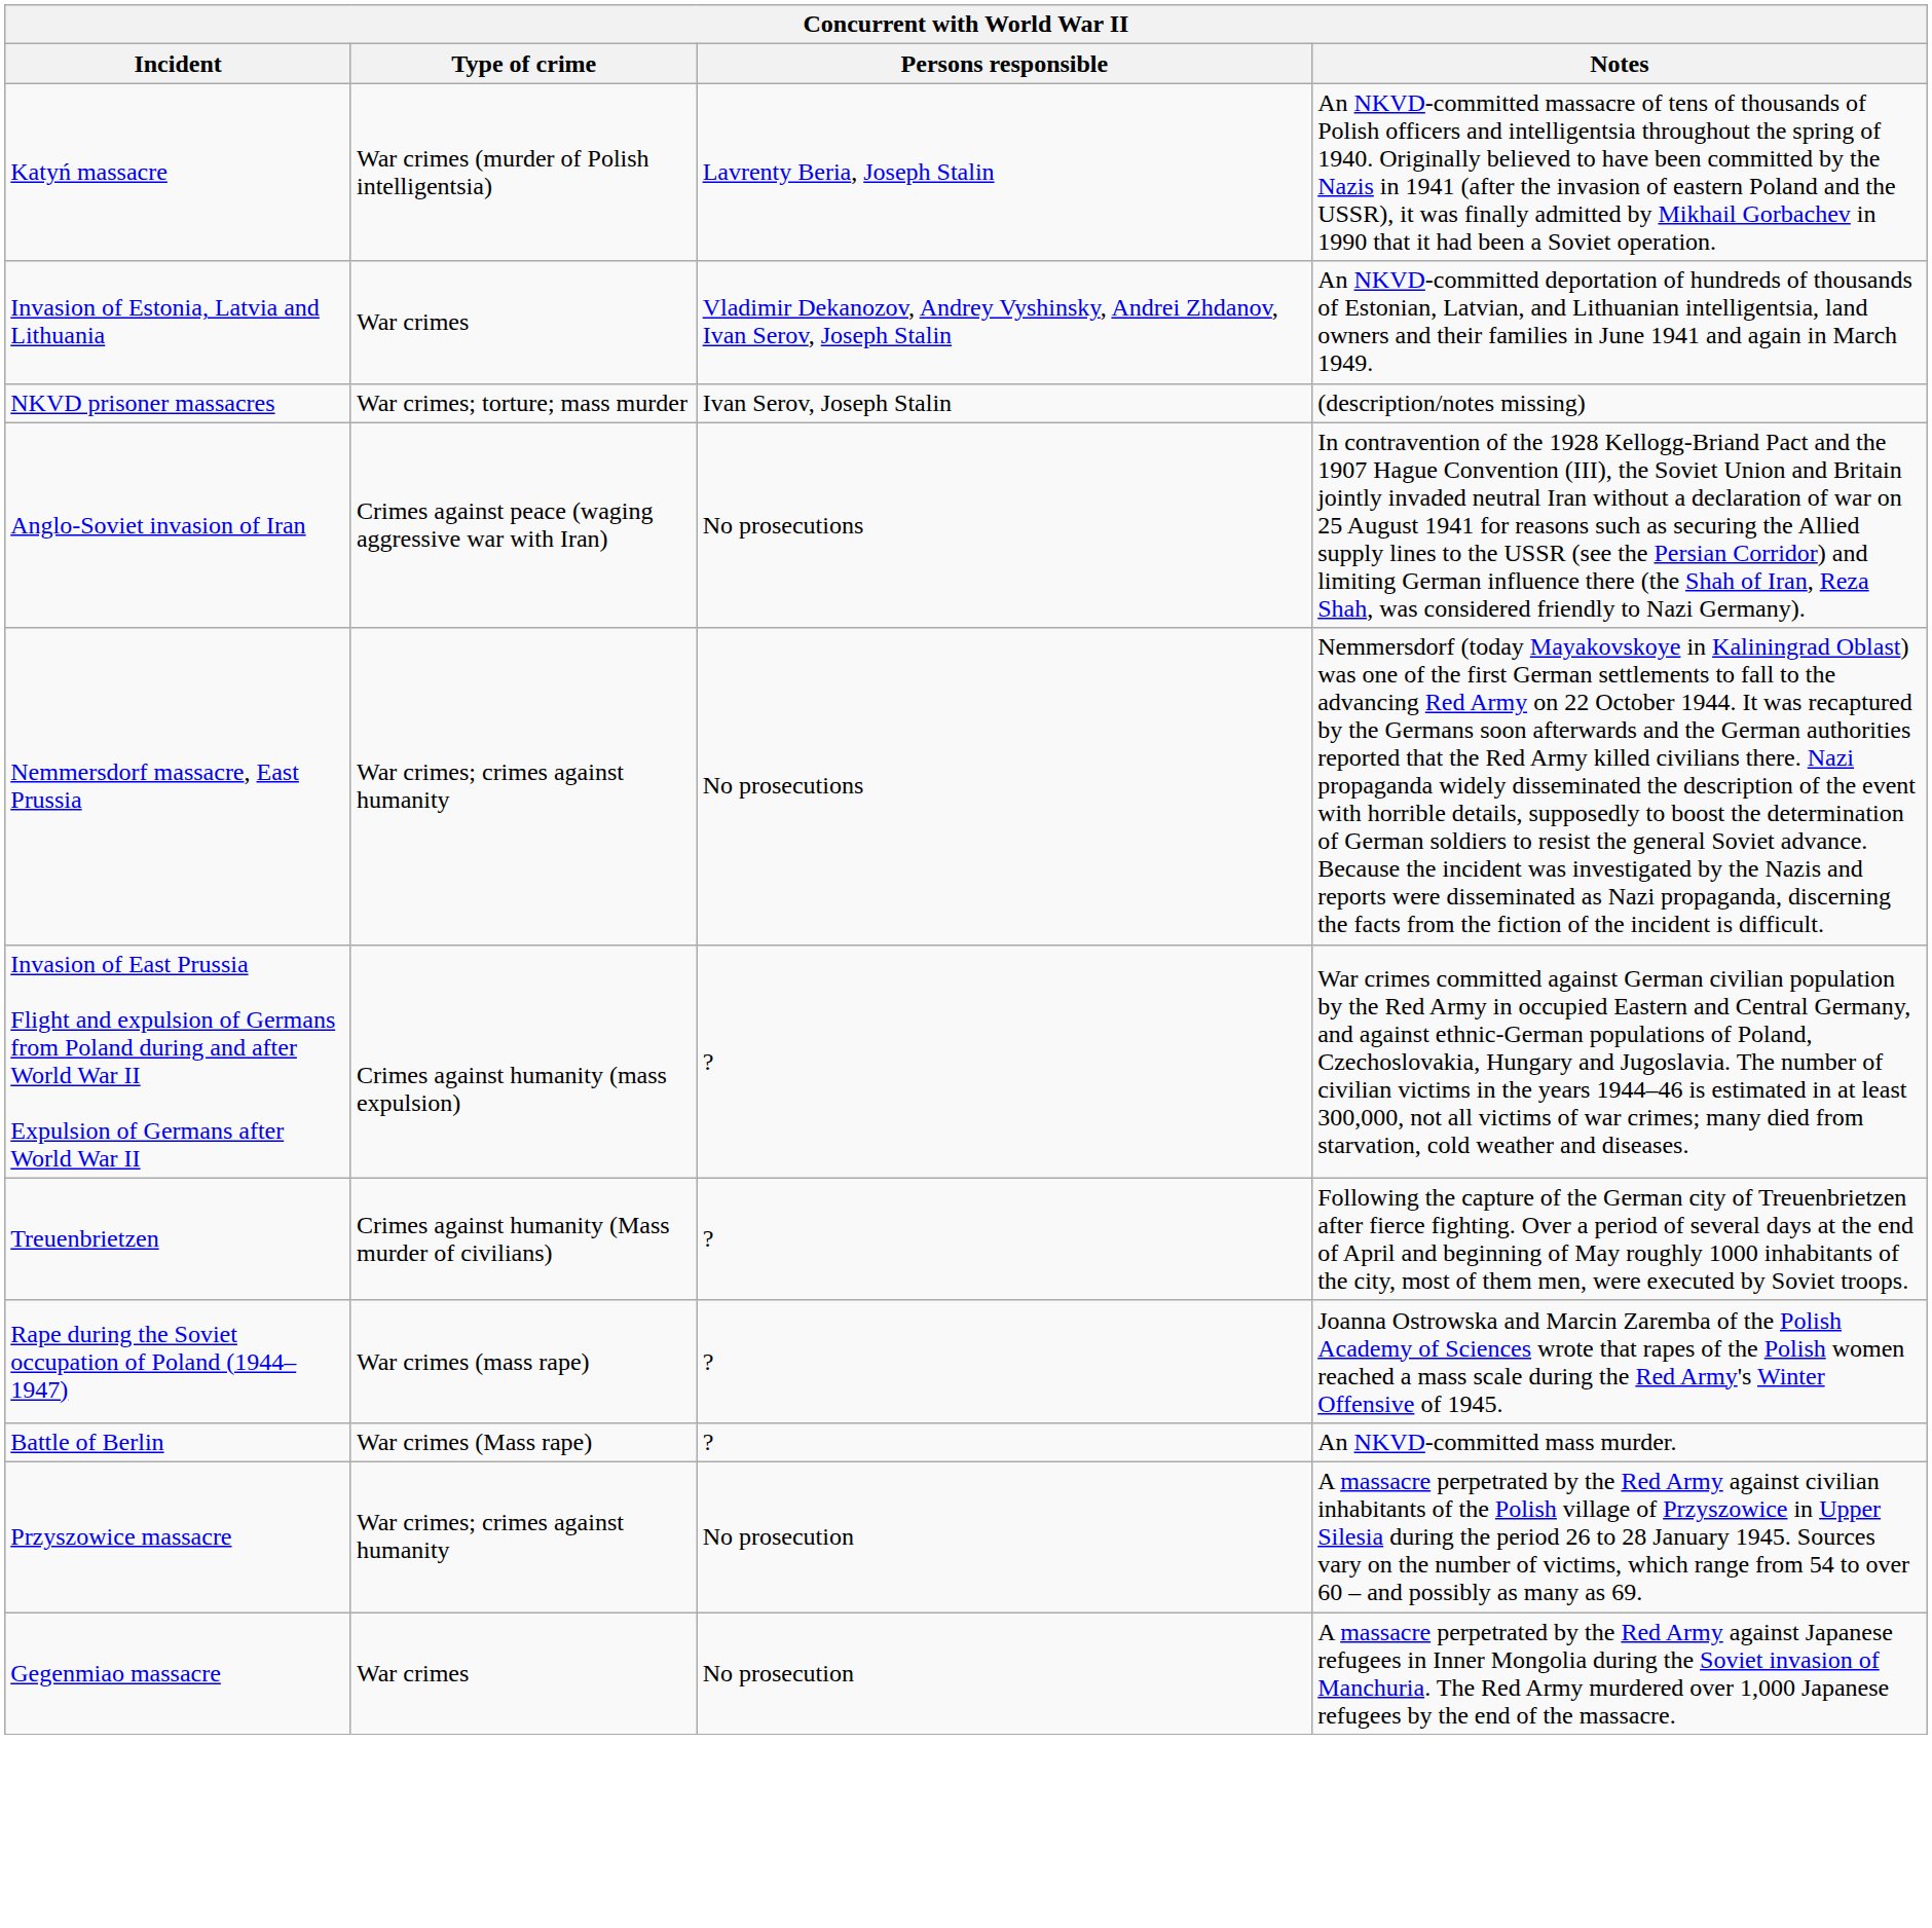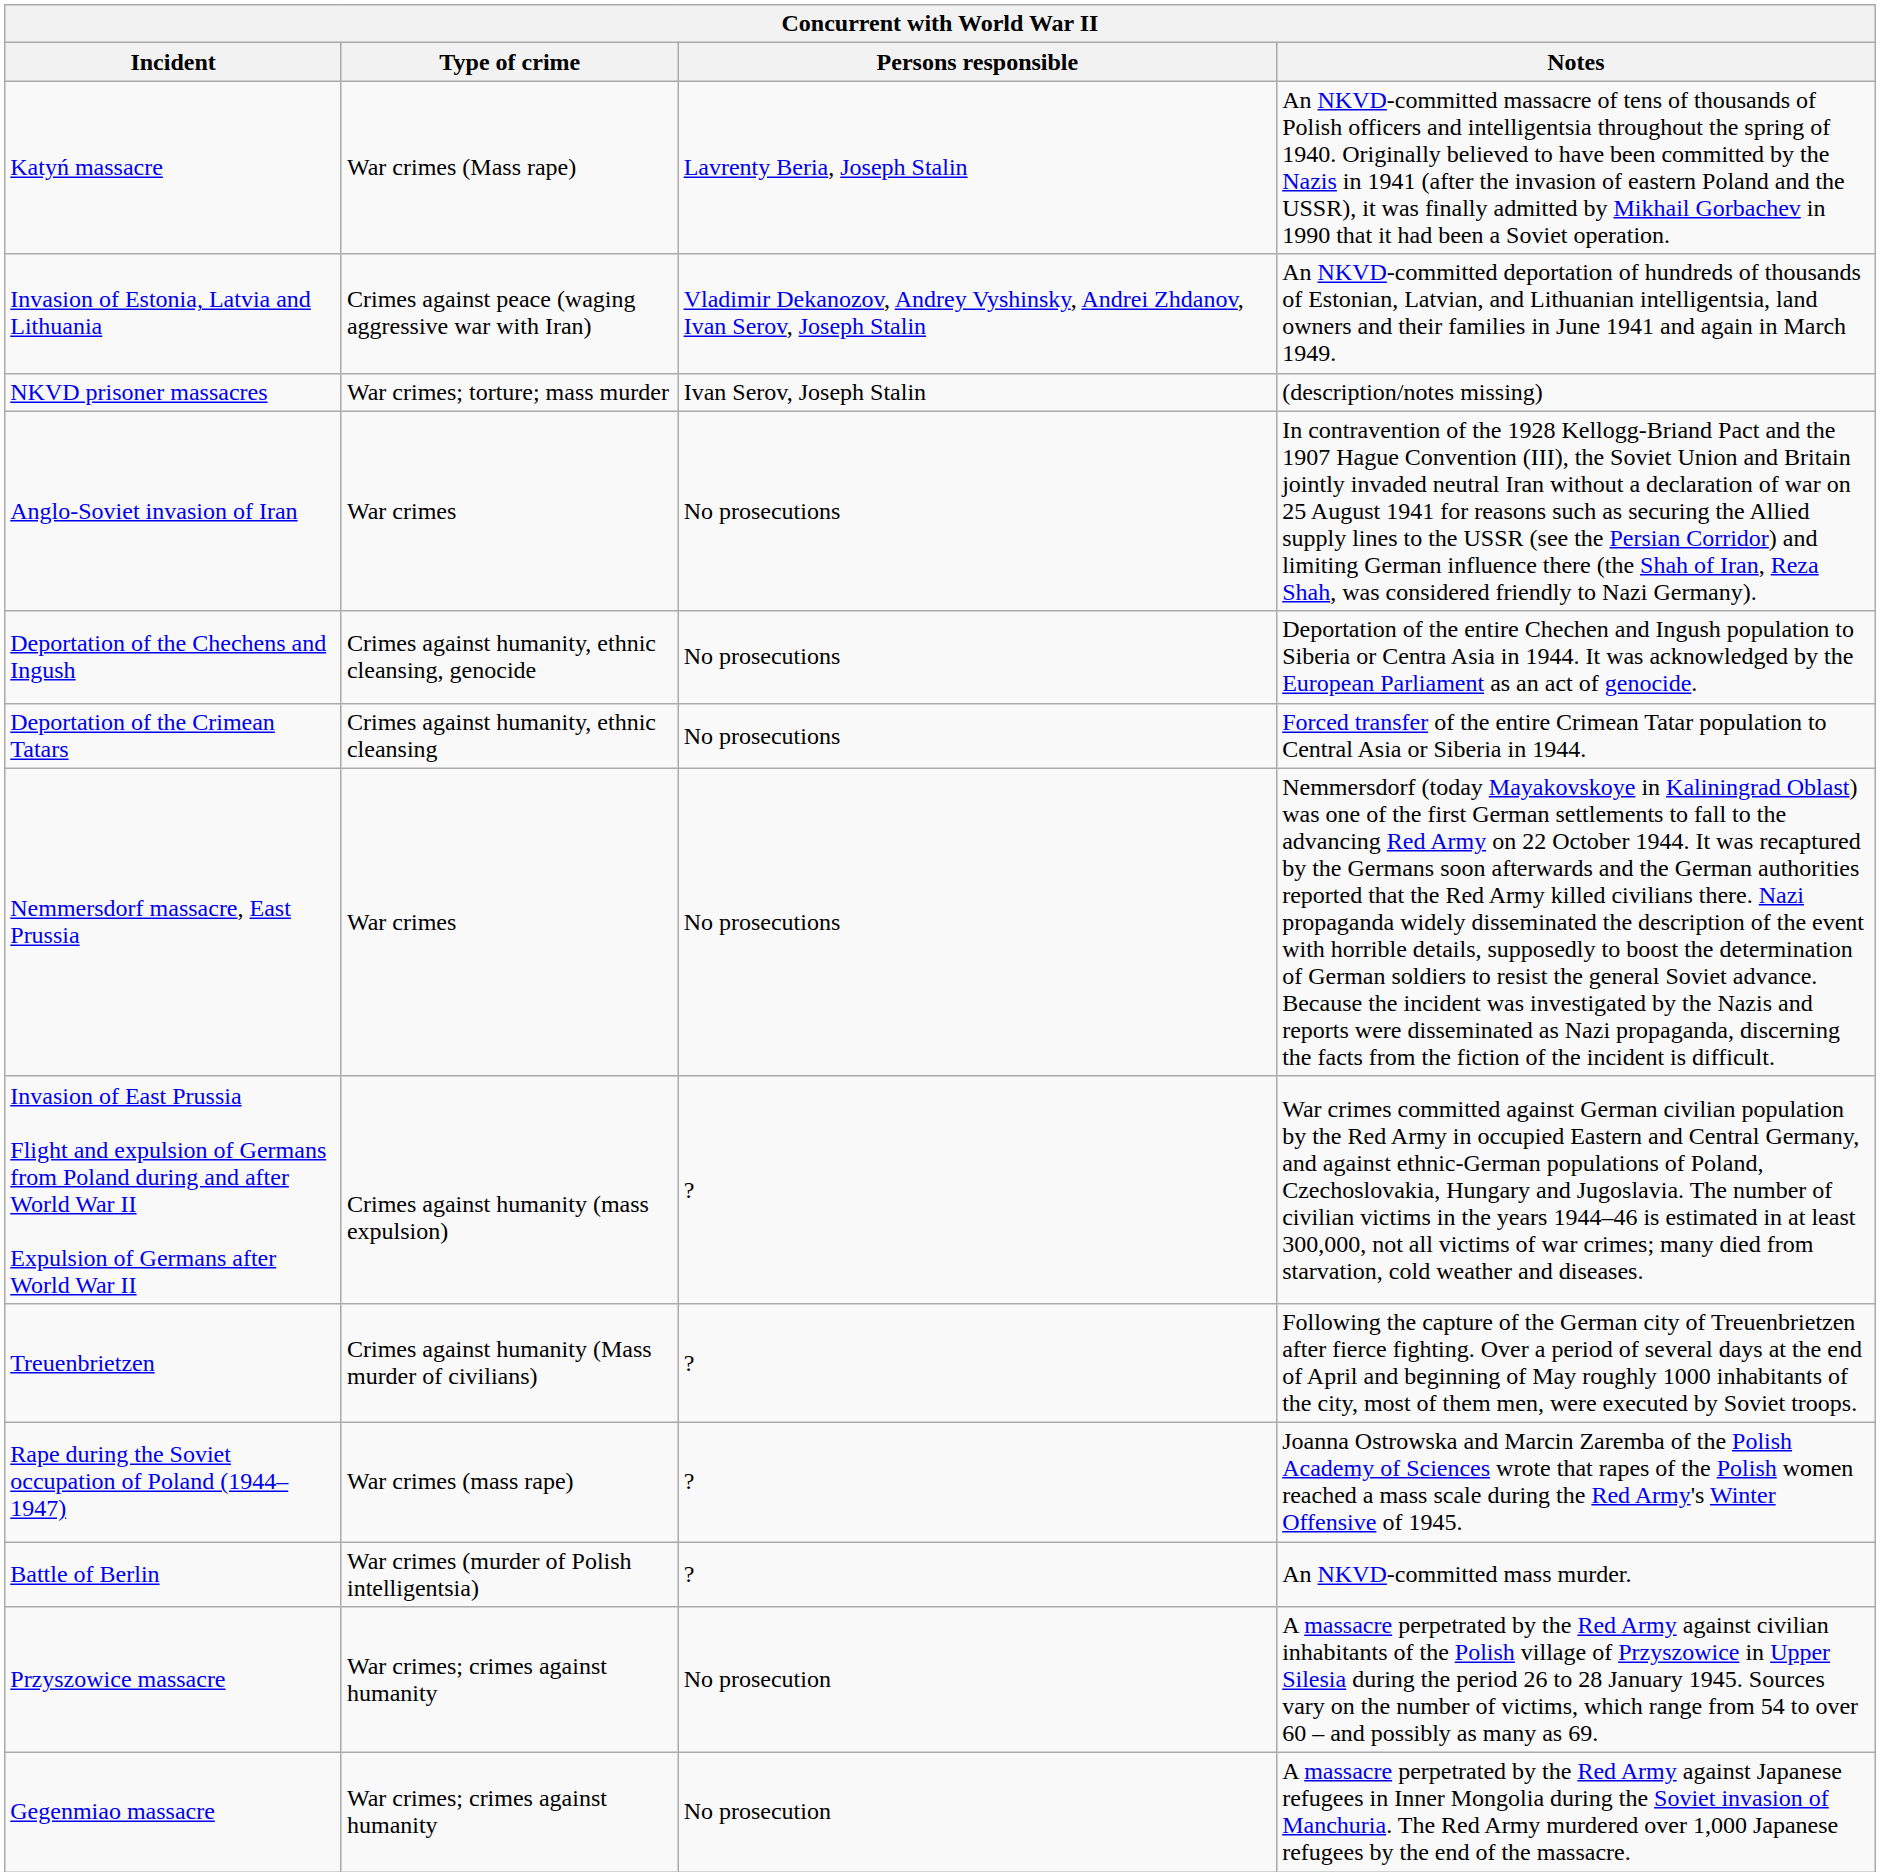 <table class="wikitable">
 <tr>
 <th colspan="4">Concurrent with World War II</th>
 </tr>
 <tr>
 <th>Incident</th>
 <th>Type of crime</th>
 <th>Persons responsible</th>
 <th>Notes</th>
 </tr>
 <tr>
 <td style="width:18%;"><a href='#'>Katyń massacre</a></td>
-<td style="width:18%;">War crimes (murder of Polish intelligentsia)</td>
+<td>War crimes (Mass rape)</td>
 <td style="width:32%;"><a href='#'>Lavrenty Beria</a>, <a href='#'>Joseph Stalin</a></td>
 <td style="width:32%;">An <a href='#'>NKVD</a>-committed massacre of tens of thousands of Polish officers and intelligentsia throughout the spring of 1940. Originally believed to have been committed by the <a href='#'>Nazis</a> in 1941 (after the invasion of eastern Poland and the USSR), it was finally admitted by <a href='#'>Mikhail Gorbachev</a> in 1990 that it had been a Soviet operation.</td>
 </tr>
 <tr>
 <td><a href='#'>Invasion of Estonia, Latvia and Lithuania</a></td>
-<td>War crimes</td>
+<td>Crimes against peace (waging aggressive war with Iran)</td>
 <td><a href='#'>Vladimir Dekanozov</a>, <a href='#'>Andrey Vyshinsky</a>, <a href='#'>Andrei Zhdanov</a>, <a href='#'>Ivan Serov</a>, <a href='#'>Joseph Stalin</a></td>
 <td>An <a href='#'>NKVD</a>-committed deportation of hundreds of thousands of Estonian, Latvian, and Lithuanian intelligentsia, land owners and their families in June 1941 and again in March 1949.</td>
 </tr>
 <tr>
 <td><a href='#'>NKVD prisoner massacres</a></td>
 <td>War crimes; torture; mass murder</td>
 <td>Ivan Serov, Joseph Stalin</td>
 <td>(description/notes missing)</td>
 </tr>
 <tr>
 <td><a href='#'>Anglo-Soviet invasion of Iran</a></td>
-<td>Crimes against peace (waging aggressive war with Iran)</td>
+<td>War crimes</td>
 <td>No prosecutions</td>
 <td>In contravention of the 1928 Kellogg-Briand Pact and the 1907 Hague Convention (III), the Soviet Union and Britain jointly invaded neutral Iran without a declaration of war on 25 August 1941 for reasons such as securing the Allied supply lines to the USSR (see the <a href='#'>Persian Corridor</a>) and limiting German influence there (the <a href='#'>Shah of Iran</a>, <a href='#'>Reza Shah</a>, was considered friendly to Nazi Germany).</td>
 </tr>
 <tr>
+<td><a href='#'>Deportation of the Chechens and Ingush</a></td>
+<td>Crimes against humanity, ethnic cleansing, genocide</td>
+<td>No prosecutions</td>
+<td>Deportation of the entire Chechen and Ingush population to Siberia or Centra Asia in 1944. It was acknowledged by the <a href='#'>European Parliament</a> as an act of <a href='#'>genocide</a>.</td>
+</tr>
+<tr>
+<td><a href='#'>Deportation of the Crimean Tatars</a></td>
+<td>Crimes against humanity, ethnic cleansing</td>
+<td>No prosecutions</td>
+<td><a href='#'>Forced transfer</a> of the entire Crimean Tatar population to Central Asia or Siberia in 1944.</td>
+</tr>
+<tr>
 <td><a href='#'>Nemmersdorf massacre</a>, <a href='#'>East Prussia</a></td>
-<td>War crimes; crimes against humanity</td>
+<td>War crimes</td>
 <td>No prosecutions</td>
 <td>Nemmersdorf (today <a href='#'>Mayakovskoye</a> in <a href='#'>Kaliningrad Oblast</a>) was one of the first German settlements to fall to the advancing <a href='#'>Red Army</a> on 22 October 1944. It was recaptured by the Germans soon afterwards and the German authorities reported that the Red Army killed civilians there. <a href='#'>Nazi</a> propaganda widely disseminated the description of the event with horrible details, supposedly to boost the determination of German soldiers to resist the general Soviet advance. Because the incident was investigated by the Nazis and reports were disseminated as Nazi propaganda, discerning the facts from the fiction of the incident is difficult.</td>
 </tr>
 <tr>
 <td><a href='#'>Invasion of East Prussia</a><br><br><a href='#'>Flight and expulsion of Germans from Poland during and after World War II</a><br><br><a href='#'>Expulsion of Germans after World War II</a></td>
 <td><br><br>Crimes against humanity (mass expulsion)</td>
 <td>?</td>
 <td>War crimes committed against German civilian population by the Red Army in occupied Eastern and Central Germany, and against ethnic-German populations of Poland, Czechoslovakia, Hungary and Jugoslavia. The number of civilian victims in the years 1944–46 is estimated in at least 300,000, not all victims of war crimes; many died from starvation, cold weather and diseases.<br>  </td>
 </tr>
 <tr>
 <td><a href='#'>Treuenbrietzen</a></td>
 <td>Crimes against humanity (Mass murder of civilians)</td>
 <td>?</td>
 <td>Following the capture of the German city of Treuenbrietzen after fierce fighting. Over a period of several days at the end of April and beginning of May roughly 1000 inhabitants of the city, most of them men, were executed by Soviet troops.</td>
 </tr>
 <tr>
 <td><a href='#'>Rape during the Soviet occupation of Poland (1944–1947)</a></td>
 <td>War crimes (mass rape)</td>
 <td>?</td>
 <td>Joanna Ostrowska and Marcin Zaremba of the <a href='#'>Polish Academy of Sciences</a> wrote that rapes of the <a href='#'>Polish</a> women reached a mass scale during the <a href='#'>Red Army</a>'s <a href='#'>Winter Offensive</a> of 1945.</td>
 </tr>
 <tr>
 <td><a href='#'>Battle of Berlin</a></td>
-<td>War crimes (Mass rape)</td>
+<td style="width:18%;">War crimes (murder of Polish intelligentsia)</td>
 <td>?</td>
 <td>An <a href='#'>NKVD</a>-committed mass murder.</td>
 </tr>
 <tr>
 <td><a href='#'>Przyszowice massacre</a></td>
 <td>War crimes; crimes against humanity</td>
 <td>No prosecution</td>
 <td>A <a href='#'>massacre</a> perpetrated by the <a href='#'>Red Army</a> against civilian inhabitants of the <a href='#'>Polish</a> village of <a href='#'>Przyszowice</a> in <a href='#'>Upper Silesia</a> during the period 26 to 28 January 1945. Sources vary on the number of victims, which range from 54 to over 60 – and possibly as many as 69.</td>
 </tr>
 <tr>
 <td><a href='#'>Gegenmiao massacre</a></td>
-<td>War crimes</td>
+<td>War crimes; crimes against humanity</td>
 <td>No prosecution</td>
 <td>A <a href='#'>massacre</a> perpetrated by the <a href='#'>Red Army</a> against Japanese refugees in Inner Mongolia during the <a href='#'>Soviet invasion of Manchuria</a>. The Red Army murdered over 1,000 Japanese refugees by the end of the massacre.</td>
 </tr>
 </table>
